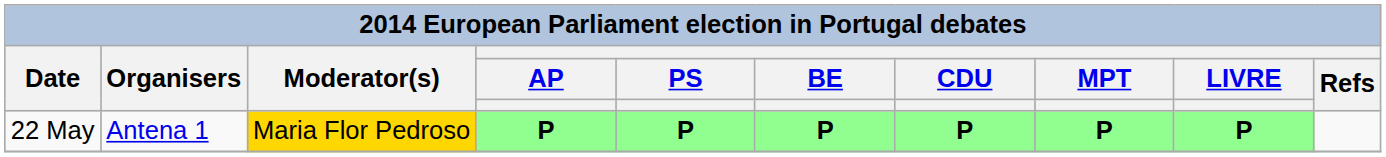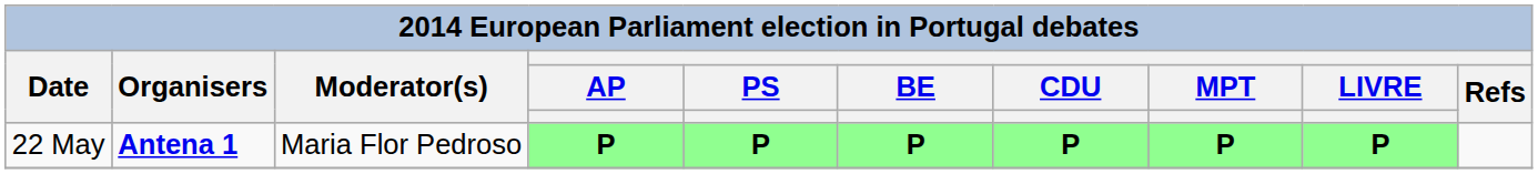 <table class="wikitable" style="font-size:98%; text-align:center;">
 <tr>
 <th style="background:#B0C4DE" colspan="22">2014 European Parliament election in Portugal debates</th>
 </tr>
 <tr>
 <th rowspan="3">Date</th>
 <th rowspan="3">Organisers</th>
 <th rowspan="3">Moderator(s)</th>
 <th colspan="19">      </th>
 </tr>
 <tr>
 <th scope="col" style="width:5em;"><a href='#'>AP</a><br></th>
 <th scope="col" style="width:5em;"><a href='#'>PS</a><br></th>
 <th scope="col" style="width:5em;"><a href='#'>BE</a><br></th>
 <th scope="col" style="width:5em;"><a href='#'>CDU</a><br></th>
 <th scope="col" style="width:5em;"><a href='#'>MPT</a><br></th>
 <th scope="col" style="width:5em;"><a href='#'>LIVRE</a><br></th>
 <th rowspan="2">Refs</th>
 </tr>
 <tr>
 <th style="color:inherit;background:"></th>
 <th style="color:inherit;background:"></th>
 <th style="color:inherit;background:"></th>
 <th style="color:inherit;background:"></th>
 <th style="color:inherit;background:"></th>
 <th style="color:inherit;background:"></th>
 </tr>
 <tr>
 <td style="white-space:nowrap; text-align:left;">22 May</td>
-<td style="white-space:nowrap; text-align:left;"><a href='#'>Antena 1</a></td>
-<td style="background: gold; white-space:nowrap; text-align:left;">Maria Flor Pedroso</td>
+<td style="white-space:nowrap; text-align:left;"><strong><a href='#'>Antena 1</a></strong></td>
+<td style="white-space:nowrap; text-align:left;">Maria Flor Pedroso</td>
 <td style="background:#90FF90;"><strong>P</strong></td>
 <td style="background:#90FF90;"><strong>P</strong></td>
 <td style="background:#90FF90;"><strong>P</strong></td>
 <td style="background:#90FF90;"><strong>P</strong></td>
 <td style="background:#90FF90;"><strong>P</strong></td>
 <td style="background:#90FF90;"><strong>P</strong></td>
 <td></td>
 </tr>
 <tr>
 </tr>
 </table>
